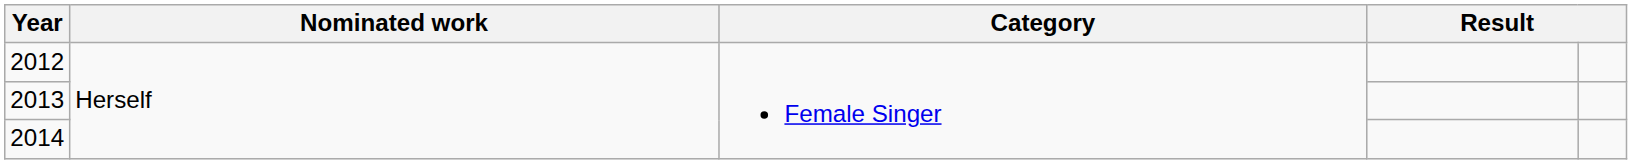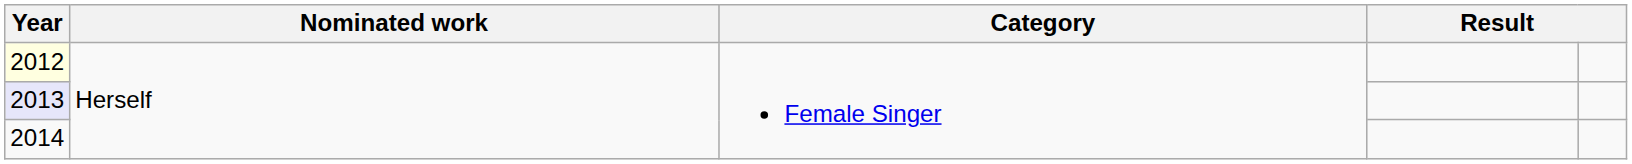 <table class="wikitable" style="text-align:left;">
 <tr>
 <th width=4% align=center>Year</th>
 <th width=40%>Nominated work</th>
 <th width=40%>Category</th>
 <th width=16% colspan=2>Result</th>
 </tr>
 <tr>
-<td>2012</td>
+<td style="background: lightyellow;">2012</td>
 <td rowspan=3>Herself</td>
 <td rowspan=3><br><ul><li><a href='#'>Female Singer</a></li></ul></td>
 <td></td>
 <td width=3% align=center></td>
 </tr>
 <tr>
-<td>2013</td>
+<td style="background: lavender;">2013</td>
 <td></td>
 <td width=3% align=center></td>
 </tr>
 <tr>
 <td>2014</td>
 <td></td>
 <td width=3% align=center></td>
 </tr>
 </table>
